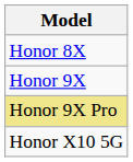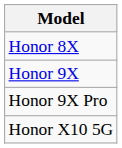 <table class="wikitable sortable">
 <tr>
 <th>Model</th>
 </tr>
 <tr>
 <td><a href='#'>Honor 8X</a></td>
 </tr>
 <tr>
 <td><a href='#'>Honor 9X</a></td>
 </tr>
 <tr>
-<td style="background: khaki;">Honor 9X Pro</td>
+<td>Honor 9X Pro</td>
 </tr>
 <tr>
 <td>Honor X10 5G</td>
 </tr>
 </table>
